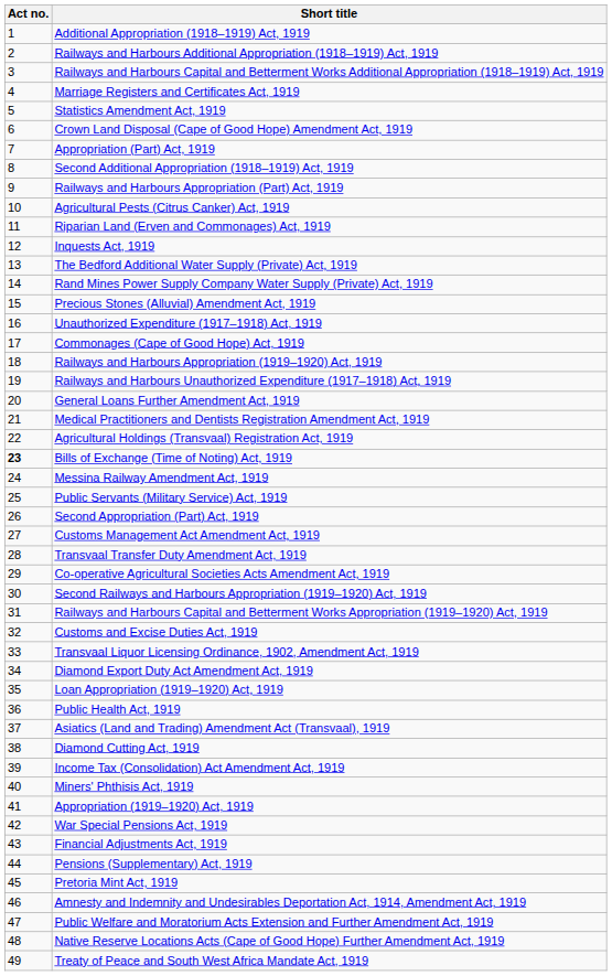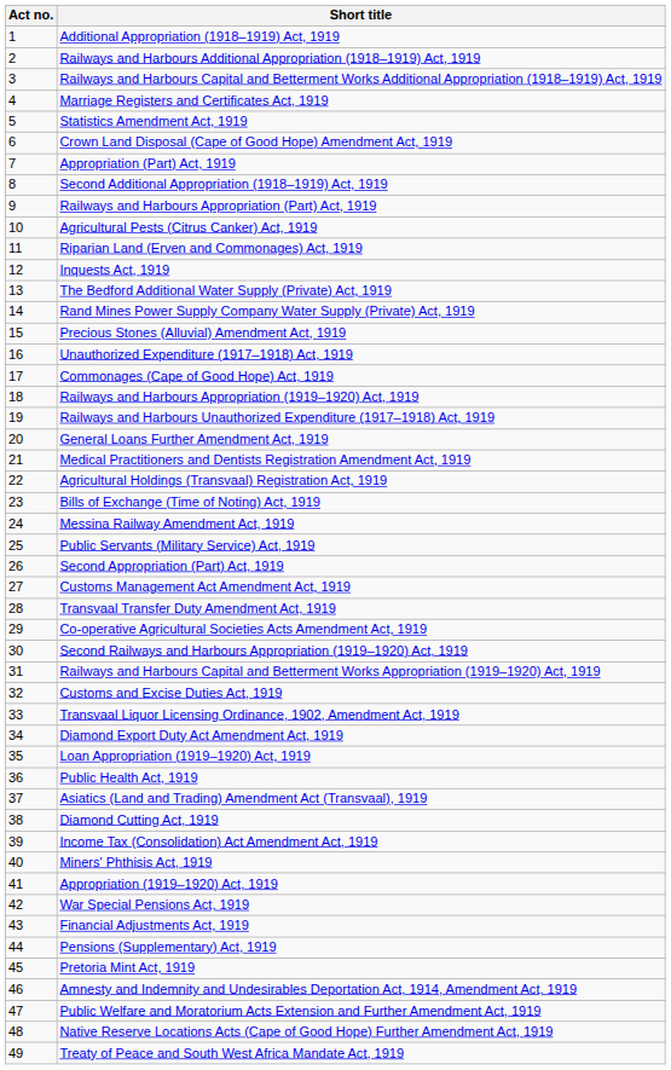 <table class="wikitable sortable">
 <tr>
 <th>Act no.</th>
 <th>Short title</th>
 </tr>
 <tr>
 <td>1</td>
 <td><a href='#'>Additional Appropriation (1918–1919) Act, 1919</a></td>
 </tr>
 <tr>
 <td>2</td>
 <td><a href='#'>Railways and Harbours Additional Appropriation (1918–1919) Act, 1919</a></td>
 </tr>
 <tr>
 <td>3</td>
 <td><a href='#'>Railways and Harbours Capital and Betterment Works Additional Appropriation (1918–1919) Act, 1919</a></td>
 </tr>
 <tr>
 <td>4</td>
 <td><a href='#'>Marriage Registers and Certificates Act, 1919</a></td>
 </tr>
 <tr>
 <td>5</td>
 <td><a href='#'>Statistics Amendment Act, 1919</a></td>
 </tr>
 <tr>
 <td>6</td>
 <td><a href='#'>Crown Land Disposal (Cape of Good Hope) Amendment Act, 1919</a></td>
 </tr>
 <tr>
 <td>7</td>
 <td><a href='#'>Appropriation (Part) Act, 1919</a></td>
 </tr>
 <tr>
 <td>8</td>
 <td><a href='#'>Second Additional Appropriation (1918–1919) Act, 1919</a></td>
 </tr>
 <tr>
 <td>9</td>
 <td><a href='#'>Railways and Harbours Appropriation (Part) Act, 1919</a></td>
 </tr>
 <tr>
 <td>10</td>
 <td><a href='#'>Agricultural Pests (Citrus Canker) Act, 1919</a></td>
 </tr>
 <tr>
 <td>11</td>
 <td><a href='#'>Riparian Land (Erven and Commonages) Act, 1919</a></td>
 </tr>
 <tr>
 <td>12</td>
 <td><a href='#'>Inquests Act, 1919</a></td>
 </tr>
 <tr>
 <td>13</td>
 <td><a href='#'>The Bedford Additional Water Supply (Private) Act, 1919</a></td>
 </tr>
 <tr>
 <td>14</td>
 <td><a href='#'>Rand Mines Power Supply Company Water Supply (Private) Act, 1919</a></td>
 </tr>
 <tr>
 <td>15</td>
 <td><a href='#'>Precious Stones (Alluvial) Amendment Act, 1919</a></td>
 </tr>
 <tr>
 <td>16</td>
 <td><a href='#'>Unauthorized Expenditure (1917–1918) Act, 1919</a></td>
 </tr>
 <tr>
 <td>17</td>
 <td><a href='#'>Commonages (Cape of Good Hope) Act, 1919</a></td>
 </tr>
 <tr>
 <td>18</td>
 <td><a href='#'>Railways and Harbours Appropriation (1919–1920) Act, 1919</a></td>
 </tr>
 <tr>
 <td>19</td>
 <td><a href='#'>Railways and Harbours Unauthorized Expenditure (1917–1918) Act, 1919</a></td>
 </tr>
 <tr>
 <td>20</td>
 <td><a href='#'>General Loans Further Amendment Act, 1919</a></td>
 </tr>
 <tr>
 <td>21</td>
 <td><a href='#'>Medical Practitioners and Dentists Registration Amendment Act, 1919</a></td>
 </tr>
 <tr>
 <td>22</td>
 <td><a href='#'>Agricultural Holdings (Transvaal) Registration Act, 1919</a></td>
 </tr>
 <tr>
-<td><strong>23</strong></td>
+<td>23</td>
 <td><a href='#'>Bills of Exchange (Time of Noting) Act, 1919</a></td>
 </tr>
 <tr>
 <td>24</td>
 <td><a href='#'>Messina Railway Amendment Act, 1919</a></td>
 </tr>
 <tr>
 <td>25</td>
 <td><a href='#'>Public Servants (Military Service) Act, 1919</a></td>
 </tr>
 <tr>
 <td>26</td>
 <td><a href='#'>Second Appropriation (Part) Act, 1919</a></td>
 </tr>
 <tr>
 <td>27</td>
 <td><a href='#'>Customs Management Act Amendment Act, 1919</a></td>
 </tr>
 <tr>
 <td>28</td>
 <td><a href='#'>Transvaal Transfer Duty Amendment Act, 1919</a></td>
 </tr>
 <tr>
 <td>29</td>
 <td><a href='#'>Co-operative Agricultural Societies Acts Amendment Act, 1919</a></td>
 </tr>
 <tr>
 <td>30</td>
 <td><a href='#'>Second Railways and Harbours Appropriation (1919–1920) Act, 1919</a></td>
 </tr>
 <tr>
 <td>31</td>
 <td><a href='#'>Railways and Harbours Capital and Betterment Works Appropriation (1919–1920) Act, 1919</a></td>
 </tr>
 <tr>
 <td>32</td>
 <td><a href='#'>Customs and Excise Duties Act, 1919</a></td>
 </tr>
 <tr>
 <td>33</td>
 <td><a href='#'>Transvaal Liquor Licensing Ordinance, 1902, Amendment Act, 1919</a></td>
 </tr>
 <tr>
 <td>34</td>
 <td><a href='#'>Diamond Export Duty Act Amendment Act, 1919</a></td>
 </tr>
 <tr>
 <td>35</td>
 <td><a href='#'>Loan Appropriation (1919–1920) Act, 1919</a></td>
 </tr>
 <tr>
 <td>36</td>
 <td><a href='#'>Public Health Act, 1919</a></td>
 </tr>
 <tr>
 <td>37</td>
 <td><a href='#'>Asiatics (Land and Trading) Amendment Act (Transvaal), 1919</a></td>
 </tr>
 <tr>
 <td>38</td>
 <td><a href='#'>Diamond Cutting Act, 1919</a></td>
 </tr>
 <tr>
 <td>39</td>
 <td><a href='#'>Income Tax (Consolidation) Act Amendment Act, 1919</a></td>
 </tr>
 <tr>
 <td>40</td>
 <td><a href='#'>Miners' Phthisis Act, 1919</a></td>
 </tr>
 <tr>
 <td>41</td>
 <td><a href='#'>Appropriation (1919–1920) Act, 1919</a></td>
 </tr>
 <tr>
 <td>42</td>
 <td><a href='#'>War Special Pensions Act, 1919</a></td>
 </tr>
 <tr>
 <td>43</td>
 <td><a href='#'>Financial Adjustments Act, 1919</a></td>
 </tr>
 <tr>
 <td>44</td>
 <td><a href='#'>Pensions (Supplementary) Act, 1919</a></td>
 </tr>
 <tr>
 <td>45</td>
 <td><a href='#'>Pretoria Mint Act, 1919</a></td>
 </tr>
 <tr>
 <td>46</td>
 <td><a href='#'>Amnesty and Indemnity and Undesirables Deportation Act, 1914, Amendment Act, 1919</a></td>
 </tr>
 <tr>
 <td>47</td>
 <td><a href='#'>Public Welfare and Moratorium Acts Extension and Further Amendment Act, 1919</a></td>
 </tr>
 <tr>
 <td>48</td>
 <td><a href='#'>Native Reserve Locations Acts (Cape of Good Hope) Further Amendment Act, 1919</a></td>
 </tr>
 <tr>
 <td>49</td>
 <td><a href='#'>Treaty of Peace and South West Africa Mandate Act, 1919</a></td>
 </tr>
 </table>
